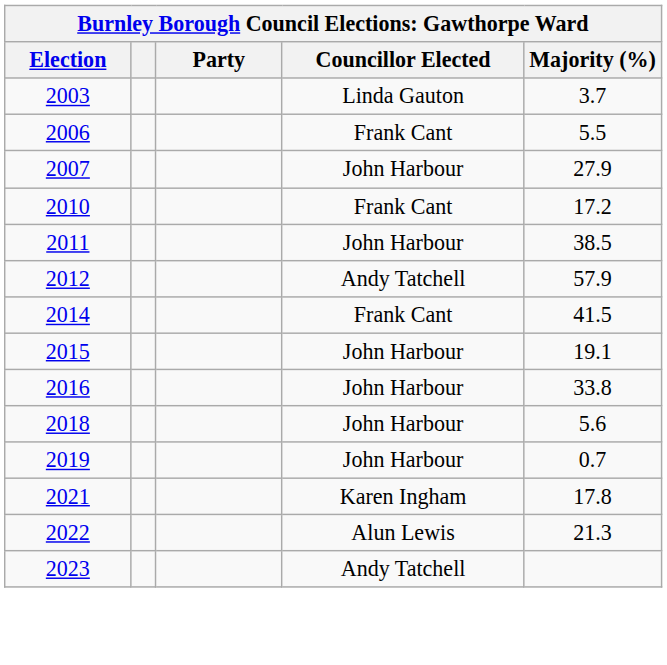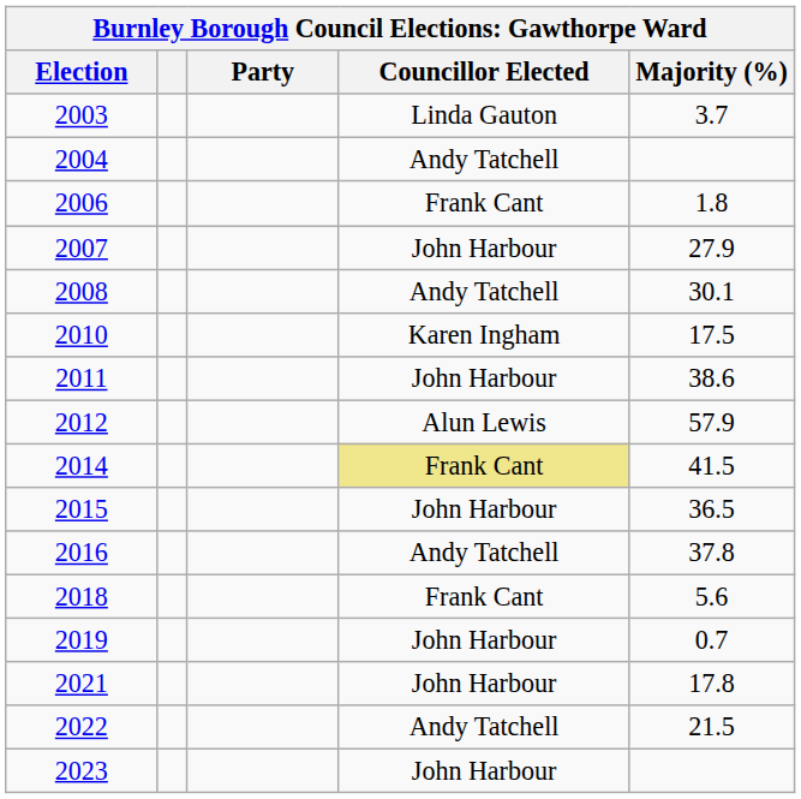 <table class="wikitable" style="margin: 1em 1em 1em 0; font-size: 95%; text-align:center;" align="left">
 <tr>
 <th colspan="5"><a href='#'>Burnley Borough</a> Council Elections: Gawthorpe Ward</th>
 </tr>
 <tr>
 <th style="width: 80px"><a href='#'>Election</a></th>
 <th style="width: 10px"></th>
 <th style="width: 80px">Party</th>
 <th style="width: 160px">Councillor Elected</th>
 <th>Majority (%)</th>
 </tr>
 <tr>
 <td><a href='#'>2003</a></td>
 <td style="background-color: "></td>
 <td><a href='#'></a></td>
 <td>Linda Gauton</td>
 <td>3.7</td>
 </tr>
 <tr>
+<td><a href='#'>2004</a></td>
+<td style="background-color: "></td>
+<td><a href='#'></a></td>
+<td>Andy Tatchell</td>
+<td></td>
+</tr>
+<tr>
 <td><a href='#'>2006</a></td>
 <td style="background-color: "></td>
 <td><a href='#'></a></td>
 <td>Frank Cant</td>
-<td>5.5</td>
+<td>1.8</td>
 </tr>
 <tr>
 <td><a href='#'>2007</a></td>
 <td style="background-color: "></td>
 <td><a href='#'></a></td>
 <td>John Harbour</td>
 <td>27.9</td>
 </tr>
 <tr>
+<td><a href='#'>2008</a></td>
+<td style="background-color: "></td>
+<td><a href='#'></a></td>
+<td>Andy Tatchell</td>
+<td>30.1</td>
+</tr>
+<tr>
 <td><a href='#'>2010</a></td>
 <td style="background-color: "></td>
 <td><a href='#'></a></td>
-<td>Frank Cant</td>
-<td>17.2</td>
+<td>Karen Ingham</td>
+<td>17.5</td>
 </tr>
 <tr>
 <td><a href='#'>2011</a></td>
 <td style="background-color: "></td>
 <td><a href='#'></a></td>
 <td>John Harbour</td>
-<td>38.5</td>
+<td>38.6</td>
 </tr>
 <tr>
 <td><a href='#'>2012</a></td>
 <td style="background-color: "></td>
 <td><a href='#'></a></td>
-<td>Andy Tatchell</td>
+<td>Alun Lewis</td>
 <td>57.9</td>
 </tr>
 <tr>
 <td><a href='#'>2014</a></td>
 <td style="background-color: "></td>
 <td><a href='#'></a></td>
-<td>Frank Cant</td>
+<td style="background: khaki;">Frank Cant</td>
 <td>41.5</td>
 </tr>
 <tr>
 <td><a href='#'>2015</a></td>
 <td style="background-color: "></td>
 <td><a href='#'></a></td>
 <td>John Harbour</td>
-<td>19.1</td>
+<td>36.5</td>
 </tr>
 <tr>
 <td><a href='#'>2016</a></td>
 <td style="background-color: "></td>
 <td><a href='#'></a></td>
-<td>John Harbour</td>
-<td>33.8</td>
+<td>Andy Tatchell</td>
+<td>37.8</td>
 </tr>
 <tr>
 <td><a href='#'>2018</a></td>
 <td style="background-color: "></td>
 <td><a href='#'></a></td>
-<td>John Harbour</td>
+<td>Frank Cant</td>
 <td>5.6</td>
 </tr>
 <tr>
 <td><a href='#'>2019</a></td>
 <td style="background-color: "></td>
 <td><a href='#'></a></td>
 <td>John Harbour</td>
 <td>0.7</td>
 </tr>
 <tr>
 <td><a href='#'>2021</a></td>
 <td style="background-color: "></td>
 <td><a href='#'></a></td>
-<td>Karen Ingham</td>
+<td>John Harbour</td>
 <td>17.8</td>
 </tr>
 <tr>
 <td><a href='#'>2022</a></td>
 <td style="background-color: "></td>
 <td><a href='#'></a></td>
-<td>Alun Lewis</td>
-<td>21.3</td>
+<td>Andy Tatchell</td>
+<td>21.5</td>
 </tr>
 <tr>
 <td><a href='#'>2023</a></td>
 <td style="background-color: "></td>
 <td><a href='#'></a></td>
-<td>Andy Tatchell</td>
+<td>John Harbour</td>
 <td></td>
 </tr>
 </table>
